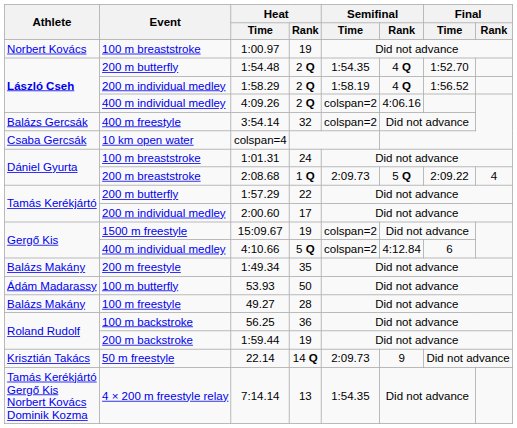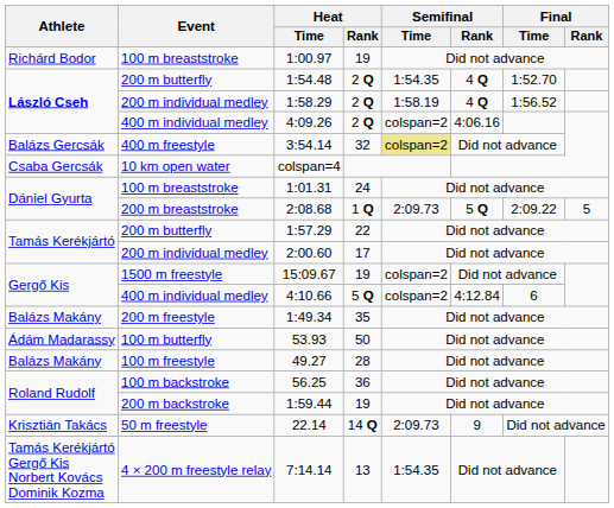 <table class=wikitable style="font-size:90%">
 <tr>
 <th rowspan="2">Athlete</th>
 <th rowspan="2">Event</th>
 <th colspan="2">Heat</th>
 <th colspan="2">Semifinal</th>
 <th colspan="2">Final</th>
 </tr>
 <tr style="font-size:95%">
 <th>Time</th>
 <th>Rank</th>
 <th>Time</th>
 <th>Rank</th>
 <th>Time</th>
 <th>Rank</th>
 </tr>
 <tr align=center>
-<td align=left><a href='#'>Norbert Kovács</a></td>
+<td align=left><a href='#'>Richárd Bodor</a></td>
 <td align=left><a href='#'>100 m breaststroke</a></td>
 <td>1:00.97</td>
 <td>19</td>
 <td colspan=4>Did not advance</td>
 </tr>
 <tr align=center>
 <td align=left rowspan=3><strong><a href='#'>László Cseh</a></strong></td>
 <td align=left><a href='#'>200 m butterfly</a></td>
 <td>1:54.48</td>
 <td>2 <strong>Q</strong></td>
 <td>1:54.35</td>
 <td>4 <strong>Q</strong></td>
 <td>1:52.70</td>
 <td></td>
 </tr>
 <tr align=center>
 <td align=left><a href='#'>200 m individual medley</a></td>
 <td>1:58.29</td>
 <td>2 <strong>Q</strong></td>
 <td>1:58.19</td>
 <td>4 <strong>Q</strong></td>
 <td>1:56.52</td>
 <td></td>
 </tr>
 <tr align=center>
 <td align=left><a href='#'>400 m individual medley</a></td>
 <td>4:09.26</td>
 <td>2 <strong>Q</strong></td>
 <td>colspan=2 </td>
 <td>4:06.16</td>
 <td></td>
 </tr>
 <tr align=center>
 <td align=left><a href='#'>Balázs Gercsák</a></td>
 <td align=left><a href='#'>400 m freestyle</a></td>
 <td>3:54.14</td>
 <td>32</td>
-<td>colspan=2 </td>
+<td style="background: khaki;">colspan=2 </td>
 <td colspan=2>Did not advance</td>
 </tr>
 <tr align=center>
 <td align=left><a href='#'>Csaba Gercsák</a></td>
 <td align=left><a href='#'>10 km open water</a></td>
 <td>colspan=4 </td>
 <td colspan=2></td>
 </tr>
 <tr align=center>
 <td align=left rowspan=2><a href='#'>Dániel Gyurta</a></td>
 <td align=left><a href='#'>100 m breaststroke</a></td>
 <td>1:01.31</td>
 <td>24</td>
 <td colspan=4>Did not advance</td>
 </tr>
 <tr align=center>
 <td align=left><a href='#'>200 m breaststroke</a></td>
 <td>2:08.68 </td>
 <td>1 <strong>Q</strong></td>
 <td>2:09.73</td>
 <td>5 <strong>Q</strong></td>
 <td>2:09.22</td>
-<td>4</td>
+<td>5</td>
 </tr>
 <tr align=center>
 <td align=left rowspan=2><a href='#'>Tamás Kerékjártó</a></td>
 <td align=left><a href='#'>200 m butterfly</a></td>
 <td>1:57.29</td>
 <td>22</td>
 <td colspan=4>Did not advance</td>
 </tr>
 <tr align=center>
 <td align=left><a href='#'>200 m individual medley</a></td>
 <td>2:00.60</td>
 <td>17</td>
 <td colspan=4>Did not advance</td>
 </tr>
 <tr align=center>
 <td align=left rowspan=2><a href='#'>Gergő Kis</a></td>
 <td align=left><a href='#'>1500 m freestyle</a></td>
 <td>15:09.67</td>
 <td>19</td>
 <td>colspan=2 </td>
 <td colspan=2>Did not advance</td>
 </tr>
 <tr align=center>
 <td align=left><a href='#'>400 m individual medley</a></td>
 <td>4:10.66</td>
 <td>5 <strong>Q</strong></td>
 <td>colspan=2 </td>
 <td>4:12.84</td>
 <td>6</td>
 </tr>
 <tr align=center>
 <td align=left><a href='#'>Balázs Makány</a></td>
 <td align=left><a href='#'>200 m freestyle</a></td>
 <td>1:49.34</td>
 <td>35</td>
 <td colspan=4>Did not advance</td>
 </tr>
 <tr align=center>
 <td align=left><a href='#'>Ádám Madarassy</a></td>
 <td align=left><a href='#'>100 m butterfly</a></td>
 <td>53.93</td>
 <td>50</td>
 <td colspan=4>Did not advance</td>
 </tr>
 <tr align=center>
 <td align=left><a href='#'>Balázs Makány</a></td>
 <td align=left><a href='#'>100 m freestyle</a></td>
 <td>49.27</td>
 <td>28</td>
 <td colspan=4>Did not advance</td>
 </tr>
 <tr align=center>
 <td align=left rowspan=2><a href='#'>Roland Rudolf</a></td>
 <td align=left><a href='#'>100 m backstroke</a></td>
 <td>56.25</td>
 <td>36</td>
 <td colspan=4>Did not advance</td>
 </tr>
 <tr align=center>
 <td align=left><a href='#'>200 m backstroke</a></td>
 <td>1:59.44</td>
 <td>19</td>
 <td colspan=4>Did not advance</td>
 </tr>
 <tr align=center>
 <td align=left><a href='#'>Krisztián Takács</a></td>
 <td align=left><a href='#'>50 m freestyle</a></td>
 <td>22.14</td>
 <td>14 <strong>Q</strong></td>
 <td>2:09.73</td>
 <td>9</td>
 <td colspan=2>Did not advance</td>
 </tr>
 <tr align=center>
 <td align=left><a href='#'>Tamás Kerékjártó</a><br><a href='#'>Gergő Kis</a><br><a href='#'>Norbert Kovács</a><br><a href='#'>Dominik Kozma</a></td>
 <td align=left><a href='#'>4 × 200 m freestyle relay</a></td>
 <td>7:14.14</td>
 <td>13</td>
 <td>1:54.35</td>
 <td colspan=2>Did not advance</td>
 </tr>
 </table>
